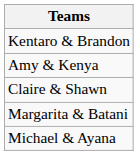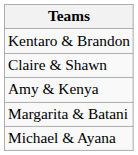 <table class="wikitable">
 <tr>
 <th>Teams</th>
 </tr>
 <tr>
 <td>Kentaro & Brandon</td>
 </tr>
 <tr>
-<td>Amy & Kenya</td>
+<td>Claire & Shawn</td>
 </tr>
 <tr>
-<td>Claire & Shawn</td>
+<td>Amy & Kenya</td>
 </tr>
 <tr>
 <td>Margarita & Batani</td>
 </tr>
 <tr>
 <td>Michael & Ayana</td>
 </tr>
 </table>
